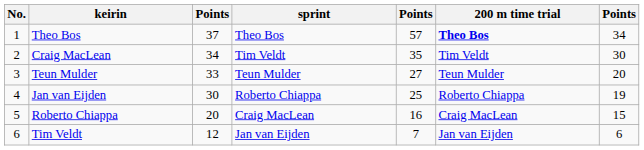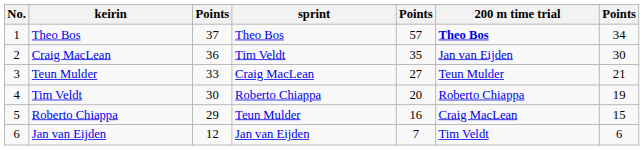 <table class="wikitable">
 <tr>
 <th width="20px">No.</th>
 <th width="200px">keirin</th>
 <th width="40px">Points</th>
 <th width="200px">sprint</th>
 <th width="40px">Points</th>
 <th width="200px">200 m time trial</th>
 <th width="40px">Points</th>
 </tr>
 <tr align=center>
 <td>1</td>
 <td align=left> <a href='#'>Theo Bos</a></td>
 <td>37</td>
 <td align=left> <a href='#'>Theo Bos</a></td>
 <td>57</td>
 <td align=left><strong> <a href='#'>Theo Bos</a></strong></td>
 <td>34</td>
 </tr>
 <tr align=center>
 <td>2</td>
 <td align=left> <a href='#'>Craig MacLean</a></td>
-<td>34</td>
+<td>36</td>
 <td align=left> <a href='#'>Tim Veldt</a></td>
 <td>35</td>
-<td align=left> <a href='#'>Tim Veldt</a></td>
+<td align=left> <a href='#'>Jan van Eijden</a></td>
 <td>30</td>
 </tr>
 <tr align=center>
 <td>3</td>
 <td align=left> <a href='#'>Teun Mulder</a></td>
 <td>33</td>
-<td align=left> <a href='#'>Teun Mulder</a></td>
+<td align=left> <a href='#'>Craig MacLean</a></td>
 <td>27</td>
 <td align=left> <a href='#'>Teun Mulder</a></td>
-<td>20</td>
+<td>21</td>
 </tr>
 <tr align=center>
 <td>4</td>
-<td align=left> <a href='#'>Jan van Eijden</a></td>
+<td align=left> <a href='#'>Tim Veldt</a></td>
 <td>30</td>
 <td align=left> <a href='#'>Roberto Chiappa</a></td>
-<td>25</td>
+<td>20</td>
 <td align=left> <a href='#'>Roberto Chiappa</a></td>
 <td>19</td>
 </tr>
 <tr align=center>
 <td>5</td>
 <td align=left> <a href='#'>Roberto Chiappa</a></td>
-<td>20</td>
-<td align=left> <a href='#'>Craig MacLean</a></td>
+<td>29</td>
+<td align=left> <a href='#'>Teun Mulder</a></td>
 <td>16</td>
 <td align=left> <a href='#'>Craig MacLean</a></td>
 <td>15</td>
 </tr>
 <tr align=center>
 <td>6</td>
-<td align=left> <a href='#'>Tim Veldt</a></td>
+<td align=left> <a href='#'>Jan van Eijden</a></td>
 <td>12</td>
 <td align=left> <a href='#'>Jan van Eijden</a></td>
 <td>7</td>
-<td align=left> <a href='#'>Jan van Eijden</a></td>
+<td align=left> <a href='#'>Tim Veldt</a></td>
 <td>6</td>
 </tr>
 </table>
